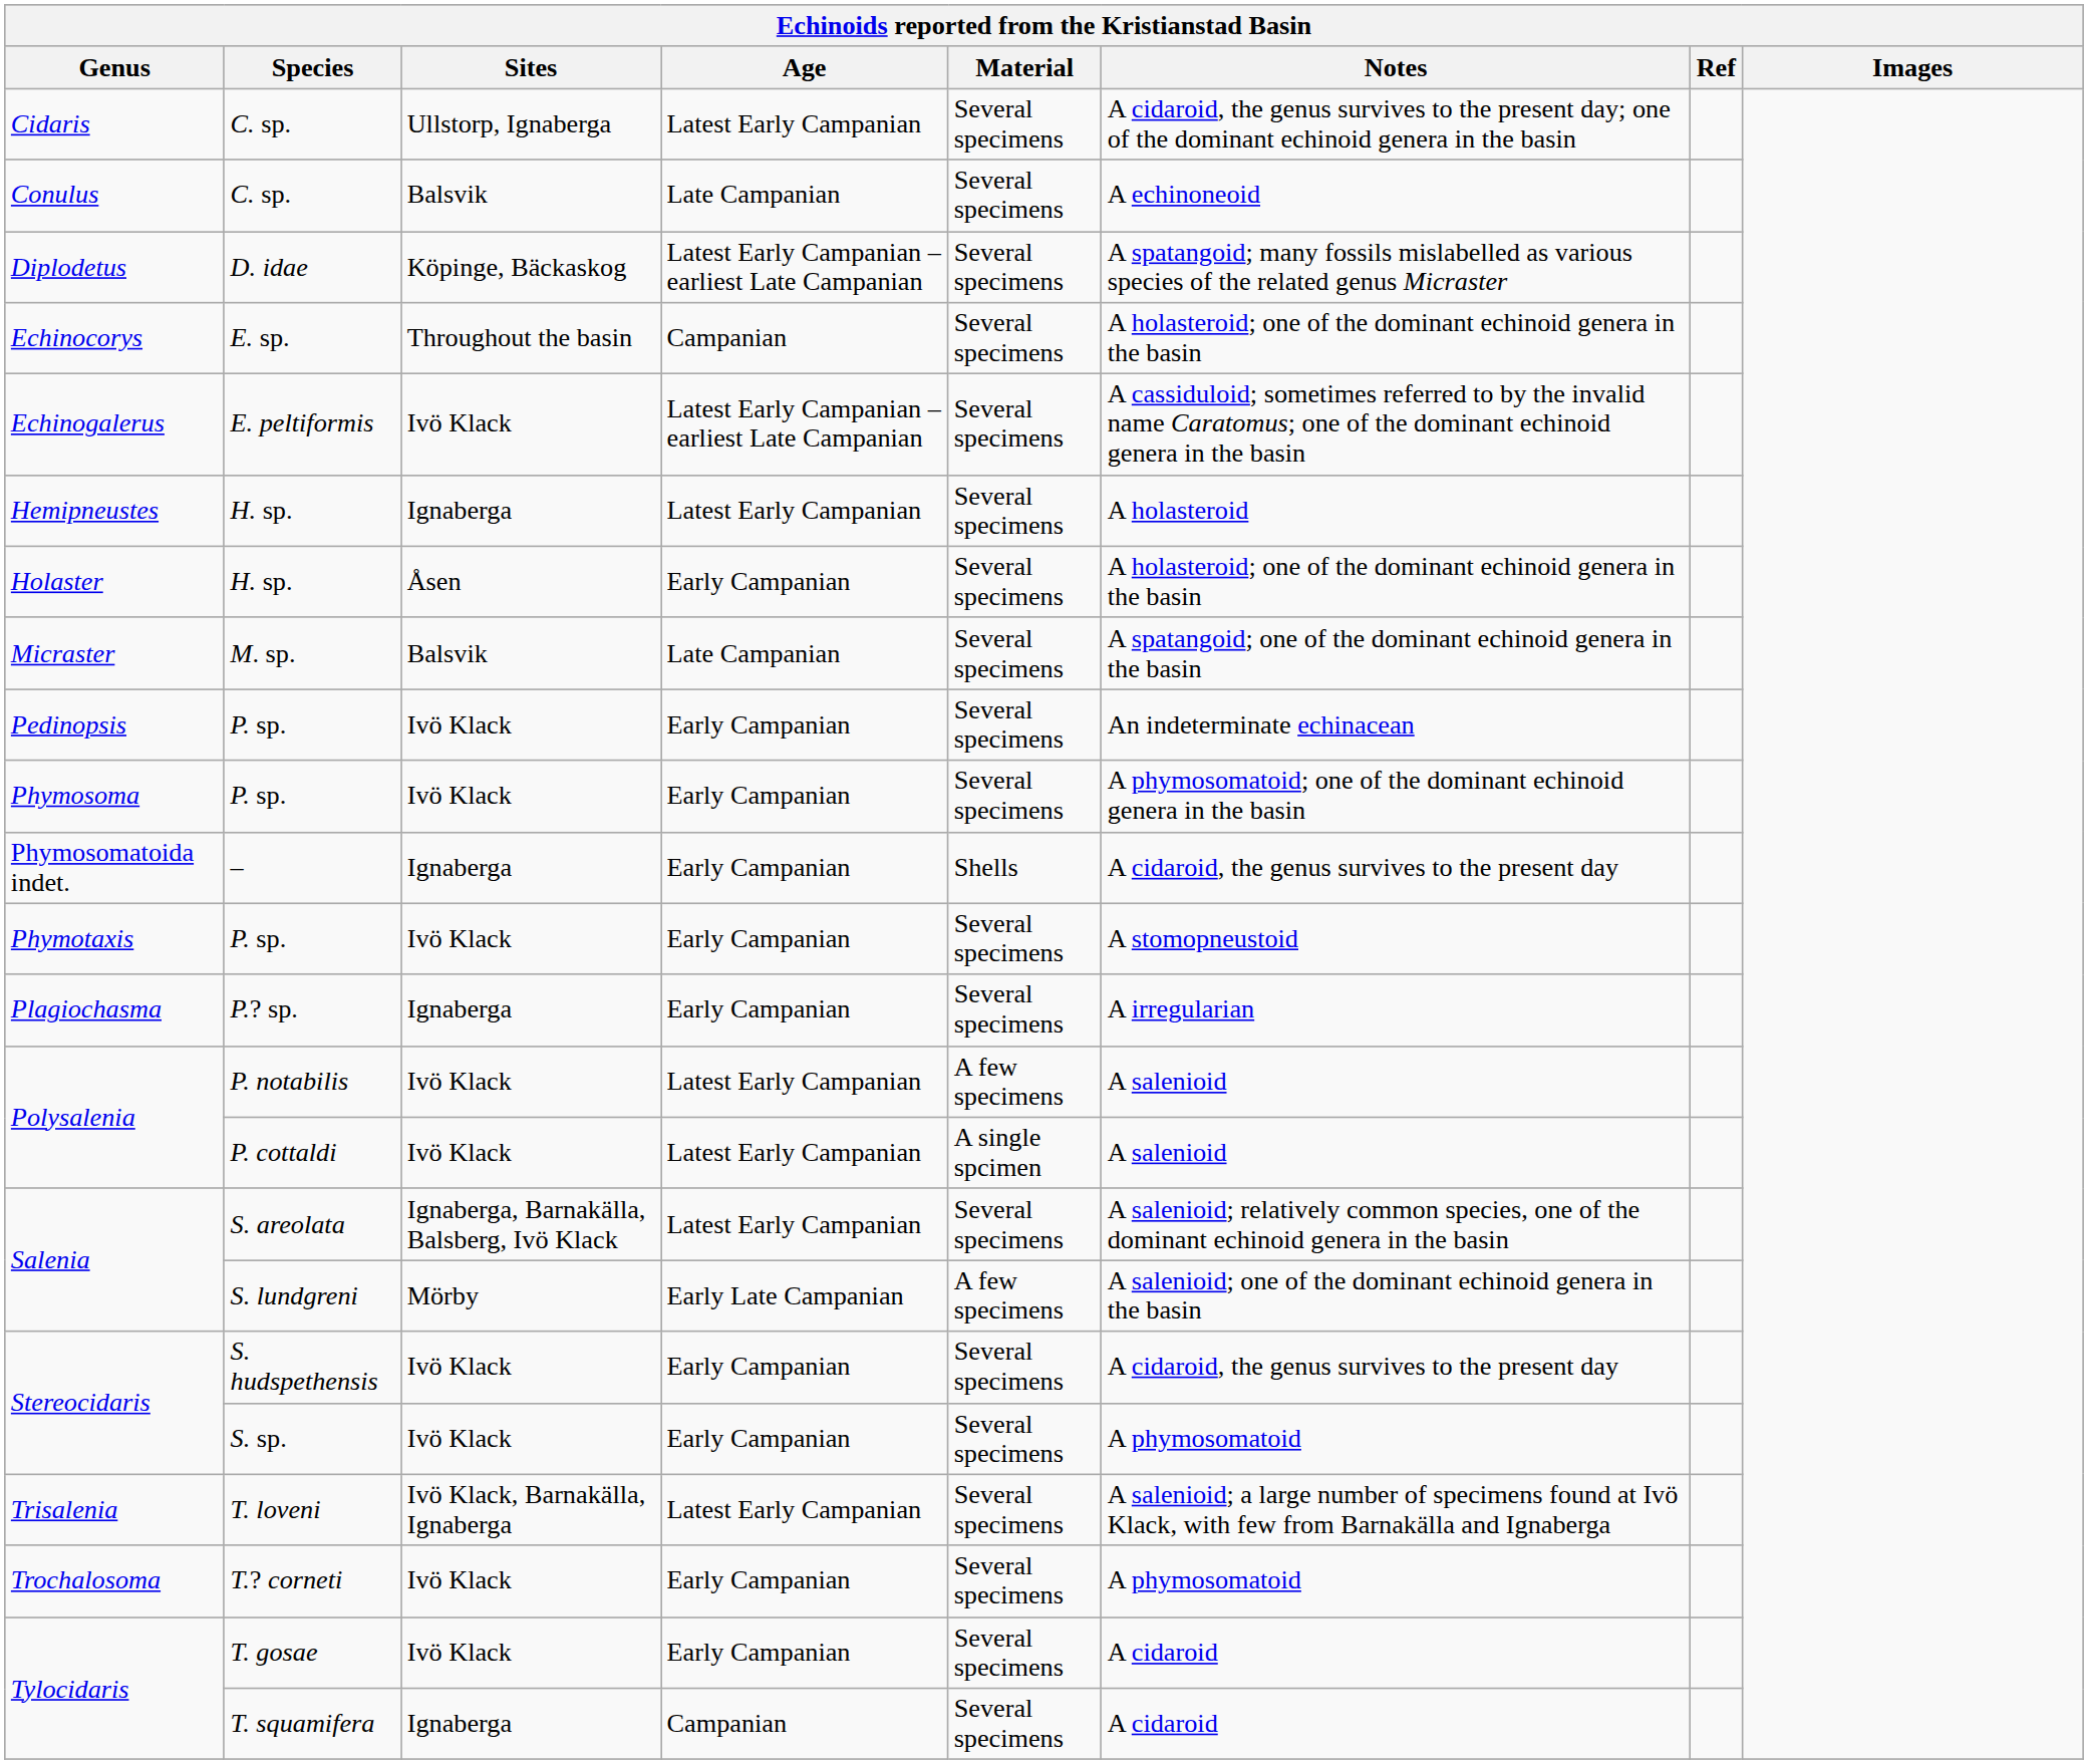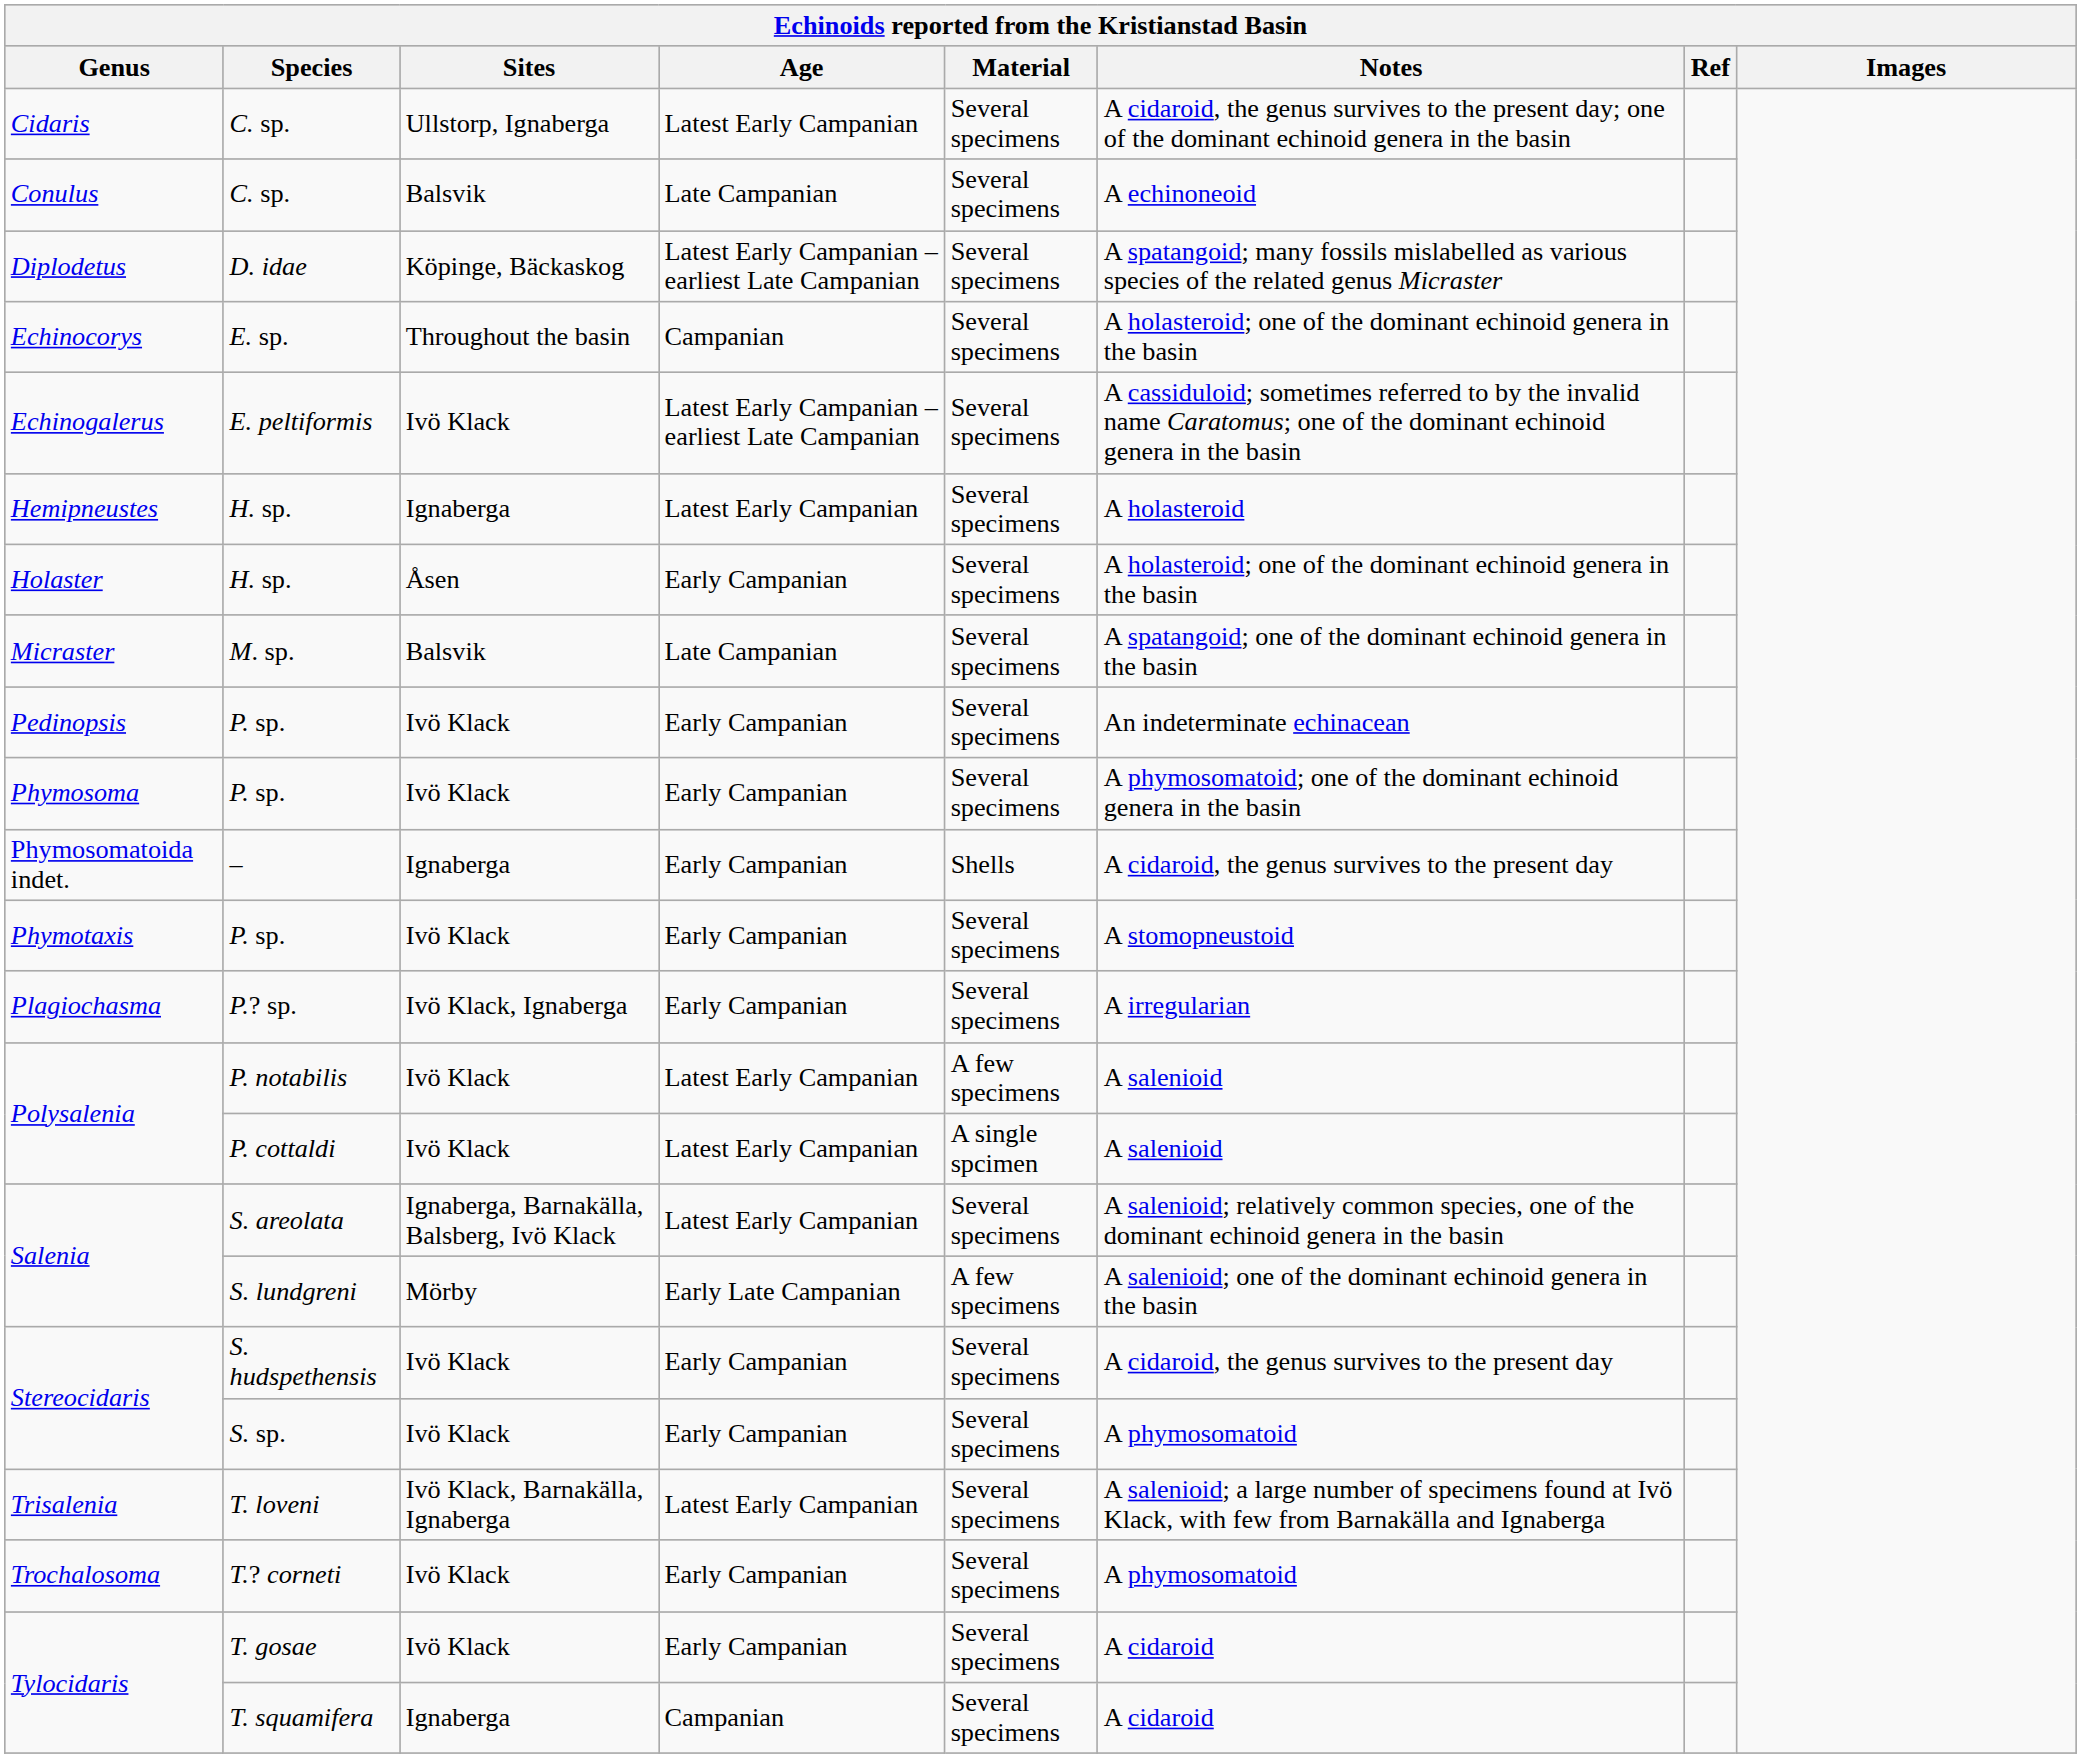 <table class="wikitable sortable mw-collapsible" style="width:100%">
 <tr>
 <th colspan="8" style="text-align:center;"><strong><a href='#'>Echinoids</a> reported from the Kristianstad Basin</strong></th>
 </tr>
 <tr>
 <th>Genus</th>
 <th width="100px">Species</th>
 <th>Sites</th>
 <th>Age</th>
 <th>Material</th>
 <th>Notes</th>
 <th>Ref</th>
 <th width="200px">Images</th>
 </tr>
 <tr>
 <td><em><a href='#'>Cidaris</a></em></td>
 <td><em>C.</em> sp.</td>
 <td>Ullstorp, Ignaberga</td>
 <td>Latest Early Campanian</td>
 <td>Several specimens</td>
 <td>A <a href='#'>cidaroid</a>, the genus survives to the present day; one of the dominant echinoid genera in the basin</td>
 <td></td>
 <td rowspan="23"><br>   </td>
 </tr>
 <tr>
 <td><em><a href='#'>Conulus</a></em></td>
 <td><em>C.</em> sp.</td>
 <td>Balsvik</td>
 <td>Late Campanian</td>
 <td>Several specimens</td>
 <td>A <a href='#'>echinoneoid</a></td>
 <td></td>
 </tr>
 <tr>
 <td><em><a href='#'>Diplodetus</a></em></td>
 <td><em>D. idae</em></td>
 <td>Köpinge, Bäckaskog</td>
 <td>Latest Early Campanian – earliest Late Campanian</td>
 <td>Several specimens</td>
 <td>A <a href='#'>spatangoid</a>; many fossils mislabelled as various species of the related genus <em>Micraster</em></td>
 <td></td>
 </tr>
 <tr>
 <td><em><a href='#'>Echinocorys</a></em></td>
 <td><em>E.</em> sp.</td>
 <td>Throughout the basin</td>
 <td>Campanian</td>
 <td>Several specimens</td>
 <td>A <a href='#'>holasteroid</a>; one of the dominant echinoid genera in the basin</td>
 <td></td>
 </tr>
 <tr>
 <td><em><a href='#'>Echinogalerus</a></em></td>
 <td><em>E. peltiformis</em></td>
 <td>Ivö Klack</td>
 <td>Latest Early Campanian – earliest Late Campanian</td>
 <td>Several specimens</td>
 <td>A <a href='#'>cassiduloid</a>; sometimes referred to by the invalid name <em>Caratomus</em>; one of the dominant echinoid genera in the basin</td>
 <td></td>
 </tr>
 <tr>
 <td><em><a href='#'>Hemipneustes</a></em></td>
 <td><em>H.</em> sp.</td>
 <td>Ignaberga</td>
 <td>Latest Early Campanian</td>
 <td>Several specimens</td>
 <td>A <a href='#'>holasteroid</a></td>
 <td></td>
 </tr>
 <tr>
 <td><em><a href='#'>Holaster</a></em></td>
 <td><em>H.</em> sp.</td>
 <td>Åsen</td>
 <td>Early Campanian</td>
 <td>Several specimens</td>
 <td>A <a href='#'>holasteroid</a>; one of the dominant echinoid genera in the basin</td>
 <td></td>
 </tr>
 <tr>
 <td><em><a href='#'>Micraster</a></em></td>
 <td><em>M</em>. sp.</td>
 <td>Balsvik</td>
 <td>Late Campanian</td>
 <td>Several specimens</td>
 <td>A <a href='#'>spatangoid</a>; one of the dominant echinoid genera in the basin</td>
 <td></td>
 </tr>
 <tr>
 <td><em><a href='#'>Pedinopsis</a></em></td>
 <td><em>P.</em> sp.</td>
 <td>Ivö Klack</td>
 <td>Early Campanian</td>
 <td>Several specimens</td>
 <td>An indeterminate <a href='#'>echinacean</a></td>
 <td></td>
 </tr>
 <tr>
 <td><em><a href='#'>Phymosoma</a></em></td>
 <td><em>P.</em> sp.</td>
 <td>Ivö Klack</td>
 <td>Early Campanian</td>
 <td>Several specimens</td>
 <td>A <a href='#'>phymosomatoid</a>; one of the dominant echinoid genera in the basin</td>
 <td></td>
 </tr>
 <tr>
 <td><a href='#'>Phymosomatoida</a> indet.</td>
 <td>–</td>
 <td>Ignaberga</td>
 <td>Early Campanian</td>
 <td>Shells</td>
 <td>A <a href='#'>cidaroid</a>, the genus survives to the present day</td>
 <td></td>
 </tr>
 <tr>
 <td><em><a href='#'>Phymotaxis</a></em></td>
 <td><em>P.</em> sp.</td>
 <td>Ivö Klack</td>
 <td>Early Campanian</td>
 <td>Several specimens</td>
 <td>A <a href='#'>stomopneustoid</a></td>
 <td></td>
 </tr>
 <tr>
 <td><em><a href='#'>Plagiochasma</a></em></td>
 <td><em>P.</em>? sp.</td>
-<td>Ignaberga</td>
+<td>Ivö Klack, Ignaberga</td>
 <td>Early Campanian</td>
 <td>Several specimens</td>
 <td>A <a href='#'>irregularian</a></td>
 <td></td>
 </tr>
 <tr>
 <td rowspan="2"><em><a href='#'>Polysalenia</a></em></td>
 <td><em>P. notabilis</em></td>
 <td>Ivö Klack</td>
 <td>Latest Early Campanian</td>
 <td>A few specimens</td>
 <td>A <a href='#'>salenioid</a></td>
 <td></td>
 </tr>
 <tr>
 <td><em>P. cottaldi</em></td>
 <td>Ivö Klack</td>
 <td>Latest Early Campanian</td>
 <td>A single spcimen</td>
 <td>A <a href='#'>salenioid</a></td>
 <td></td>
 </tr>
 <tr>
 <td rowspan="2"><em><a href='#'>Salenia</a></em></td>
 <td><em>S. areolata</em></td>
 <td>Ignaberga, Barnakälla, Balsberg, Ivö Klack</td>
 <td>Latest Early Campanian</td>
 <td>Several specimens</td>
 <td>A <a href='#'>salenioid</a>; relatively common species, one of the dominant echinoid genera in the basin</td>
 <td></td>
 </tr>
 <tr>
 <td><em>S. lundgreni</em></td>
 <td>Mörby</td>
 <td>Early Late Campanian</td>
 <td>A few specimens</td>
 <td>A <a href='#'>salenioid</a>; one of the dominant echinoid genera in the basin</td>
 <td></td>
 </tr>
 <tr>
 <td rowspan="2"><em><a href='#'>Stereocidaris</a></em></td>
 <td><em>S. hudspethensis</em></td>
 <td>Ivö Klack</td>
 <td>Early Campanian</td>
 <td>Several specimens</td>
 <td>A <a href='#'>cidaroid</a>, the genus survives to the present day</td>
 <td></td>
 </tr>
 <tr>
 <td><em>S.</em> sp.</td>
 <td>Ivö Klack</td>
 <td>Early Campanian</td>
 <td>Several specimens</td>
 <td>A <a href='#'>phymosomatoid</a></td>
 <td></td>
 </tr>
 <tr>
 <td><em><a href='#'>Trisalenia</a></em></td>
 <td><em>T.</em> <em>loveni</em></td>
 <td>Ivö Klack, Barnakälla, Ignaberga</td>
 <td>Latest Early Campanian</td>
 <td>Several specimens</td>
 <td>A <a href='#'>salenioid</a>; a large number of specimens found at Ivö Klack, with few from Barnakälla and Ignaberga</td>
 <td></td>
 </tr>
 <tr>
 <td><em><a href='#'>Trochalosoma</a></em></td>
 <td><em>T.</em>? <em>corneti</em></td>
 <td>Ivö Klack</td>
 <td>Early Campanian</td>
 <td>Several specimens</td>
 <td>A <a href='#'>phymosomatoid</a></td>
 <td></td>
 </tr>
 <tr>
 <td rowspan="2"><em><a href='#'>Tylocidaris</a></em></td>
 <td><em>T. gosae</em></td>
 <td>Ivö Klack</td>
 <td>Early Campanian</td>
 <td>Several specimens</td>
 <td>A <a href='#'>cidaroid</a></td>
 <td></td>
 </tr>
 <tr>
 <td><em>T. squamifera</em></td>
 <td>Ignaberga</td>
 <td>Campanian</td>
 <td>Several specimens</td>
 <td>A <a href='#'>cidaroid</a></td>
 <td></td>
 </tr>
 </table>
